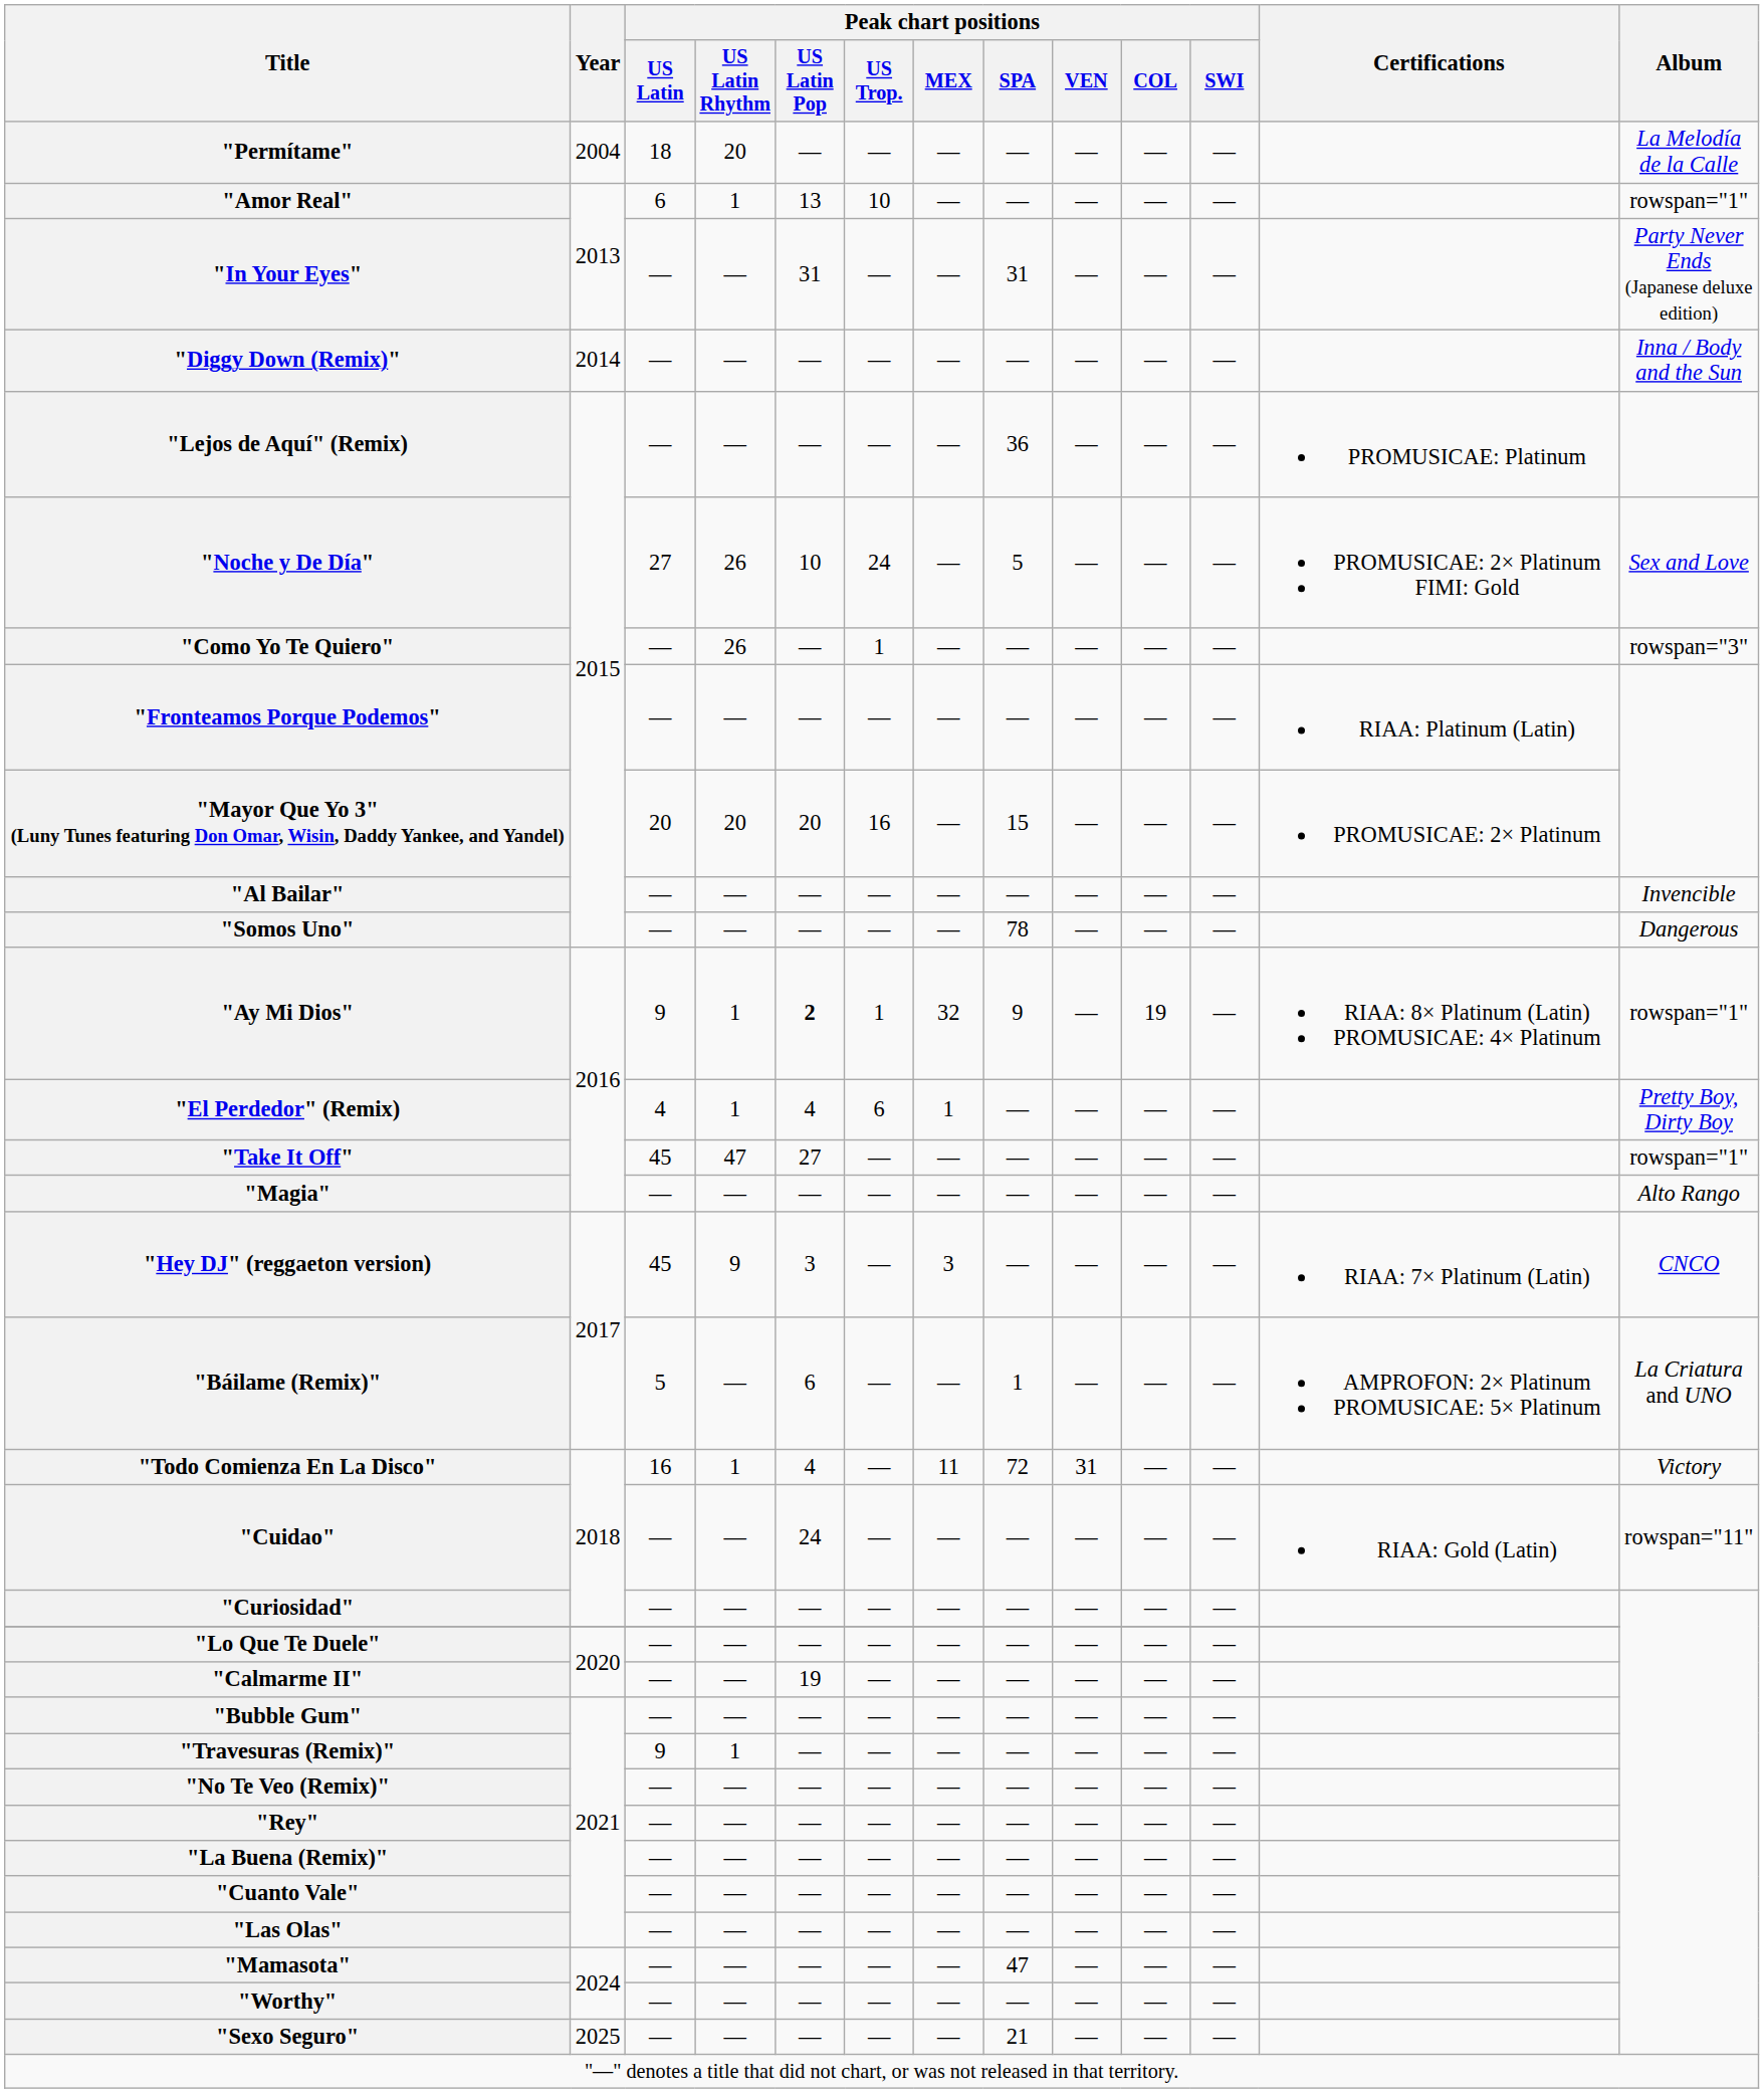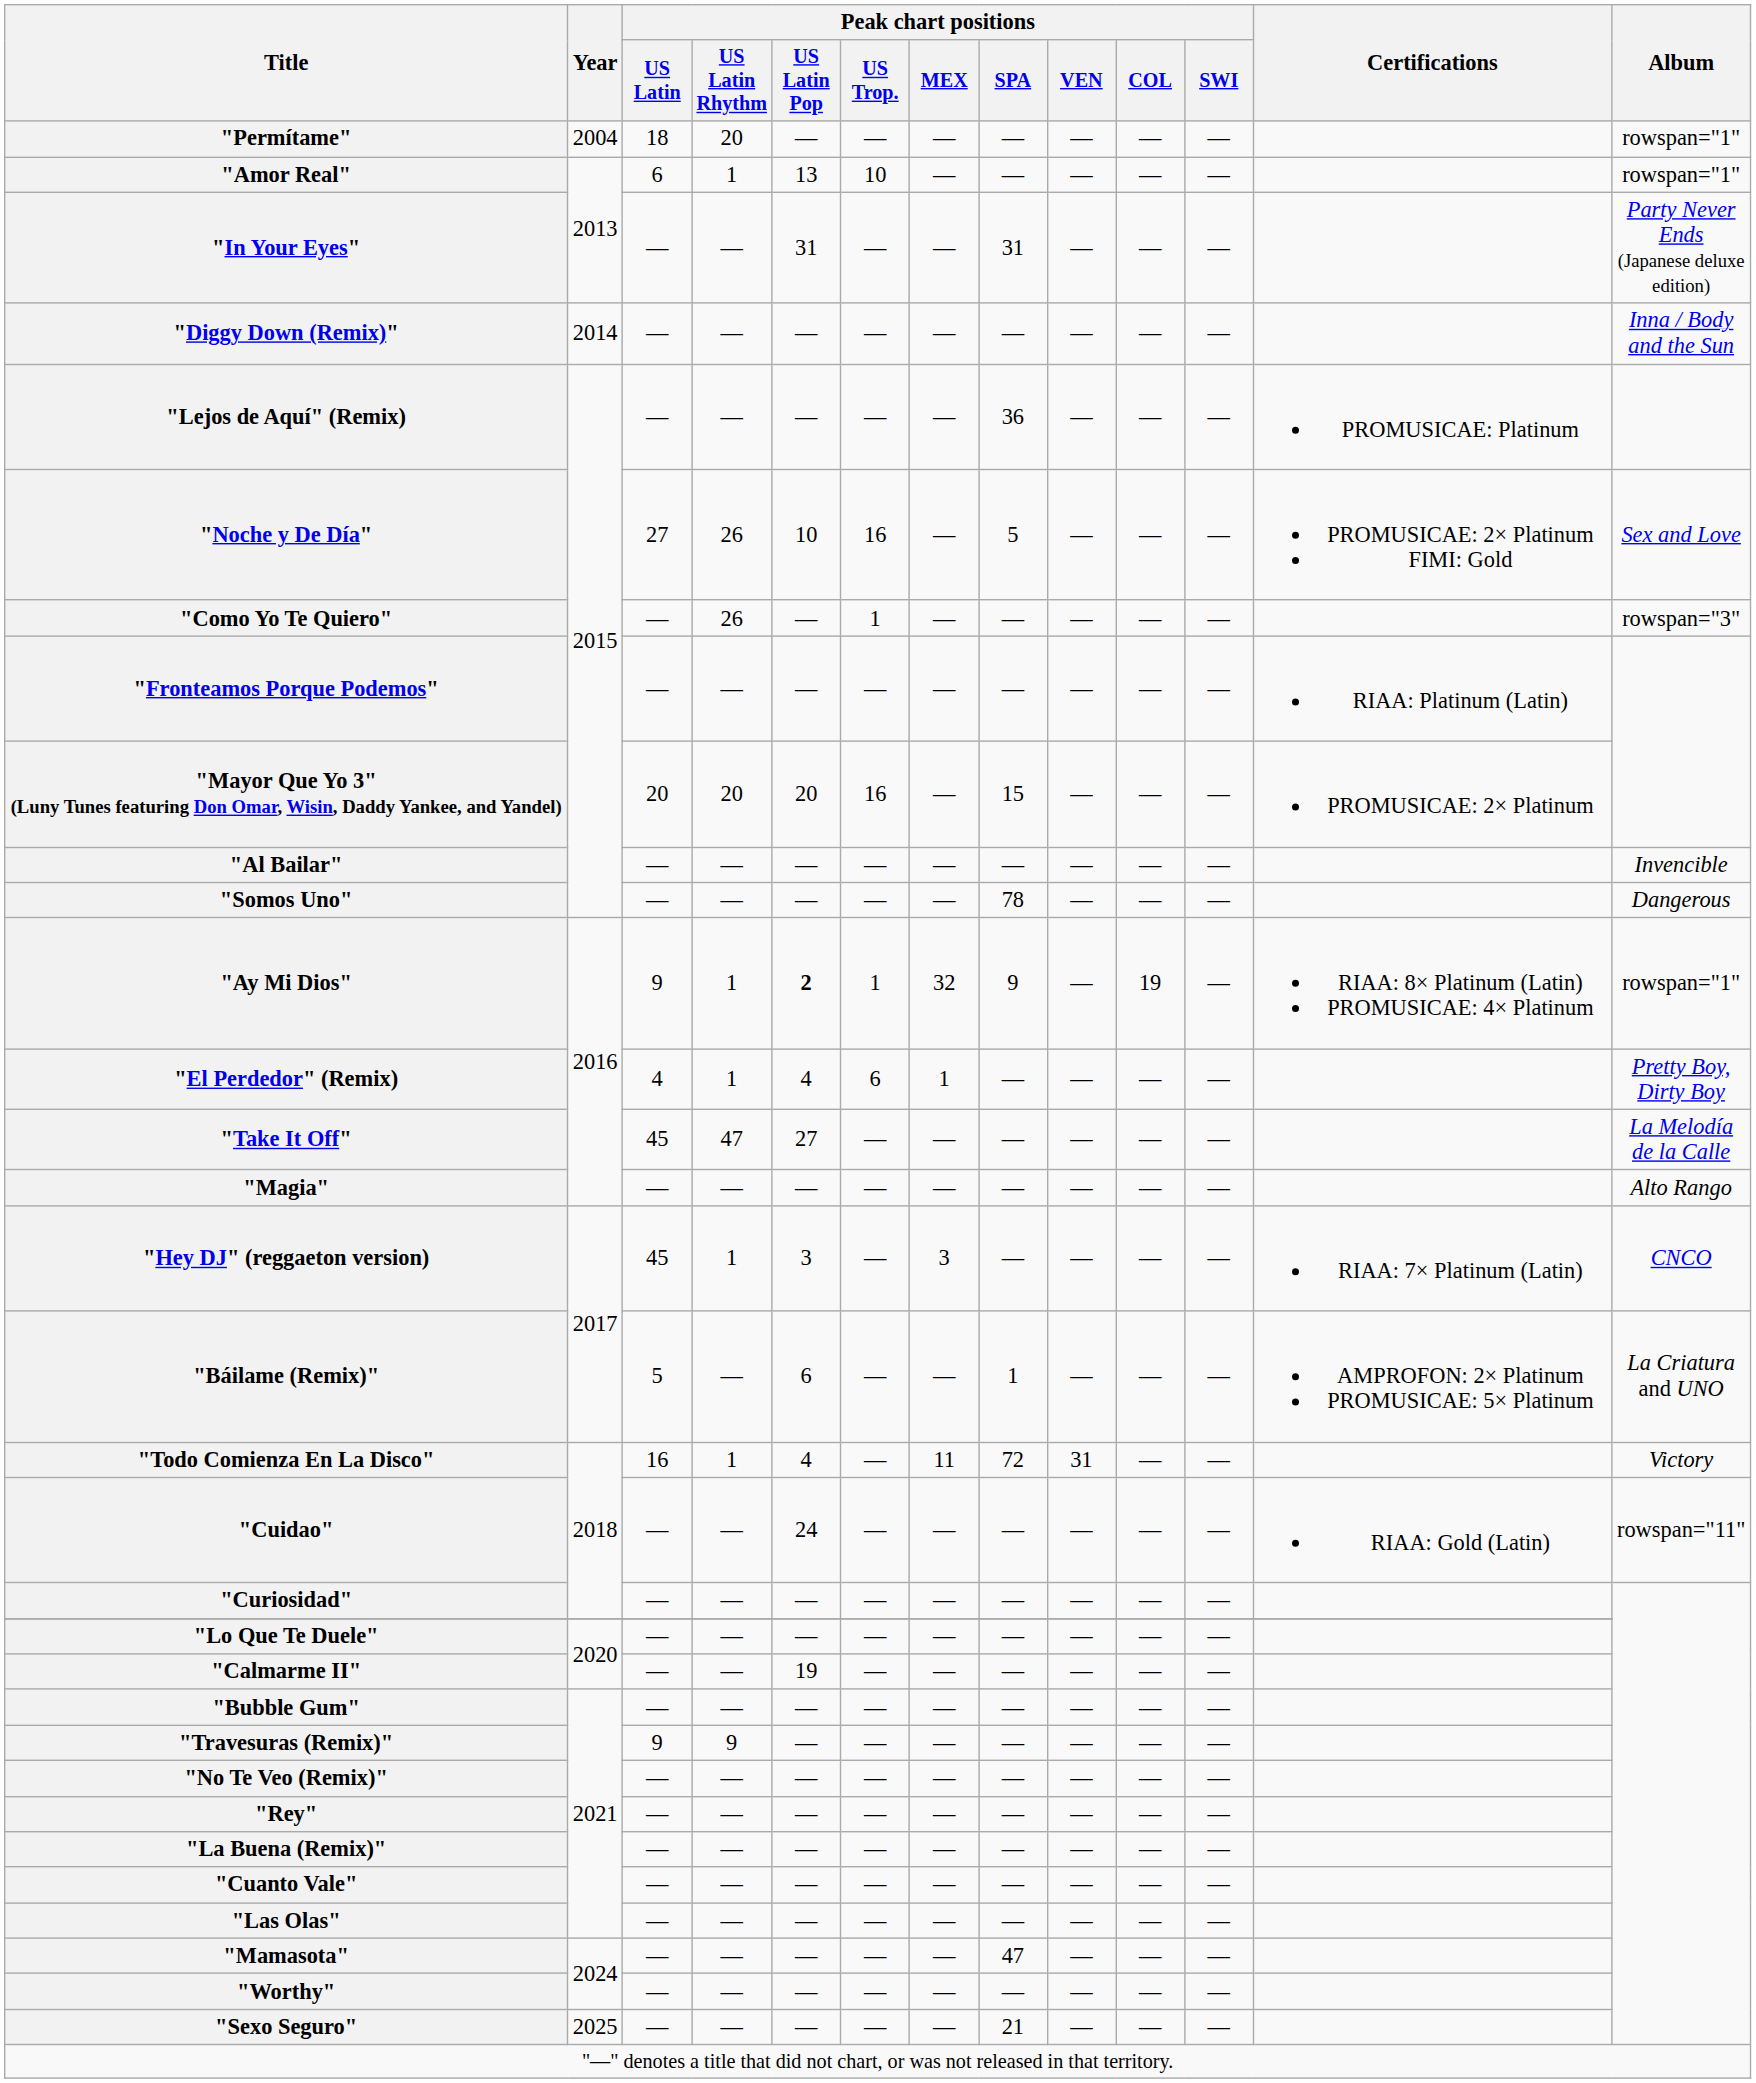 <table class="wikitable plainrowheaders" style="text-align:center;">
 <tr>
 <th rowspan="2" style="width:26em;">Title</th>
 <th rowspan="2" style="width:1em;">Year</th>
 <th colspan="9">Peak chart positions</th>
 <th rowspan="2" style="width:16em;">Certifications</th>
 <th rowspan="2">Album</th>
 </tr>
 <tr>
 <th scope="col" style="width:3em;font-size:90%;"><a href='#'>US<br>Latin</a><br></th>
 <th scope="col" style="width:3em;font-size:90%;"><a href='#'>US <br> Latin <br>Rhythm</a><br></th>
 <th scope="col" style="width:3em;font-size:90%;"><a href='#'>US <br> Latin<br>Pop</a><br></th>
 <th scope="col" style="width:3em;font-size:90%;"><a href='#'>US<br>Trop.</a><br></th>
 <th scope="col" style="width:3em;font-size:90%;"><a href='#'>MEX</a><br></th>
 <th scope="col" style="width:3em;font-size:90%;"><a href='#'>SPA</a><br></th>
 <th scope="col" style="width:3em;font-size:90%;"><a href='#'>VEN</a><br></th>
 <th scope="col" style="width:3em;font-size:90%;"><a href='#'>COL</a><br></th>
 <th scope="col" style="width:3em;font-size:90%;"><a href='#'>SWI</a><br></th>
 </tr>
 <tr>
 <th scope="row">"Permítame"<br></th>
 <td>2004</td>
 <td>18</td>
 <td>20</td>
 <td>—</td>
 <td>—</td>
 <td>—</td>
 <td>—</td>
 <td>—</td>
 <td>—</td>
 <td>—</td>
 <td></td>
-<td><em><a href='#'>La Melodía de la Calle</a></em></td>
+<td>rowspan="1" </td>
 </tr>
 <tr>
 <th scope="row">"Amor Real"<br></th>
 <td rowspan="2">2013</td>
 <td>6</td>
 <td>1</td>
 <td>13</td>
 <td>10</td>
 <td>—</td>
 <td>—</td>
 <td>—</td>
 <td>—</td>
 <td>—</td>
 <td></td>
 <td>rowspan="1" </td>
 </tr>
 <tr>
 <th scope="row">"<a href='#'>In Your Eyes</a>"<br></th>
 <td>—</td>
 <td>—</td>
 <td>31</td>
 <td>—</td>
 <td>—</td>
 <td>31</td>
 <td>—</td>
 <td>—</td>
 <td>—</td>
 <td></td>
 <td><em><a href='#'>Party Never Ends</a></em><br><small>(Japanese deluxe edition)</small></td>
 </tr>
 <tr>
 <th scope="row">"<a href='#'>Diggy Down (Remix)</a>"<br></th>
 <td rowspan="1">2014</td>
 <td>—</td>
 <td>—</td>
 <td>—</td>
 <td>—</td>
 <td>—</td>
 <td>—</td>
 <td>—</td>
 <td>—</td>
 <td>—</td>
 <td></td>
 <td><em><a href='#'>Inna / Body and the Sun</a></em></td>
 </tr>
 <tr>
 <th scope="row">"Lejos de Aquí" (Remix)<br></th>
 <td rowspan="7">2015</td>
 <td>—</td>
 <td>—</td>
 <td>—</td>
 <td>—</td>
 <td>—</td>
 <td>36</td>
 <td>—</td>
 <td>—</td>
 <td>—</td>
 <td><br><ul><li>PROMUSICAE: Platinum</li></ul></td>
 <td></td>
 </tr>
 <tr>
 <th scope="row">"<a href='#'>Noche y De Día</a>"<br></th>
 <td>27</td>
 <td>26</td>
 <td>10</td>
-<td>24</td>
+<td>16</td>
 <td>—</td>
 <td>5</td>
 <td>—</td>
 <td>—</td>
 <td>—</td>
 <td><br><ul><li>PROMUSICAE: 2× Platinum</li><li>FIMI: Gold</li></ul></td>
 <td><em><a href='#'>Sex and Love</a></em></td>
 </tr>
 <tr>
 <th scope="row">"Como Yo Te Quiero"<br></th>
 <td>—</td>
 <td>26</td>
 <td>—</td>
 <td>1</td>
 <td>—</td>
 <td>—</td>
 <td>—</td>
 <td>—</td>
 <td>—</td>
 <td></td>
 <td>rowspan="3" </td>
 </tr>
 <tr>
 <th scope="row">"<a href='#'>Fronteamos Porque Podemos</a>"<br></th>
 <td>—</td>
 <td>—</td>
 <td>—</td>
 <td>—</td>
 <td>—</td>
 <td>—</td>
 <td>—</td>
 <td>—</td>
 <td>—</td>
 <td><br><ul><li>RIAA: Platinum (Latin)</li></ul></td>
 </tr>
 <tr>
 <th scope="row">"Mayor Que Yo 3" <br><small>(Luny Tunes featuring <a href='#'>Don Omar</a>, <a href='#'>Wisin</a>, Daddy Yankee, and Yandel)</small></th>
 <td>20</td>
 <td>20</td>
 <td>20</td>
 <td>16</td>
 <td>—</td>
 <td>15</td>
 <td>—</td>
 <td>—</td>
 <td>—</td>
 <td><br><ul><li>PROMUSICAE: 2× Platinum</li></ul></td>
 </tr>
 <tr>
 <th scope="row">"Al Bailar"<br></th>
 <td>—</td>
 <td>—</td>
 <td>—</td>
 <td>—</td>
 <td>—</td>
 <td>—</td>
 <td>—</td>
 <td>—</td>
 <td>—</td>
 <td></td>
 <td><em>Invencible</em></td>
 </tr>
 <tr>
 <th scope="row">"Somos Uno"</th>
 <td>—</td>
 <td>—</td>
 <td>—</td>
 <td>—</td>
 <td>—</td>
 <td>78</td>
 <td>—</td>
 <td>—</td>
 <td>—</td>
 <td></td>
 <td><em>Dangerous</em></td>
 </tr>
 <tr>
 <th scope="row">"Ay Mi Dios"<br></th>
 <td rowspan="4">2016</td>
 <td>9</td>
 <td>1</td>
 <td><strong>2</strong></td>
 <td>1</td>
 <td>32</td>
 <td>9</td>
 <td>—</td>
 <td>19</td>
 <td>—</td>
 <td><br><ul><li>RIAA: 8× Platinum (Latin)</li><li>PROMUSICAE: 4× Platinum</li></ul></td>
 <td>rowspan="1" </td>
 </tr>
 <tr>
 <th scope="row">"<a href='#'>El Perdedor</a>" (Remix)<br></th>
 <td>4</td>
 <td>1</td>
 <td>4</td>
 <td>6</td>
 <td>1</td>
 <td>—</td>
 <td>—</td>
 <td>—</td>
 <td>—</td>
 <td></td>
 <td><em><a href='#'>Pretty Boy, Dirty Boy</a></em></td>
 </tr>
 <tr>
 <th scope="row">"<a href='#'>Take It Off</a>"<br></th>
 <td>45</td>
 <td>47</td>
 <td>27</td>
 <td>—</td>
 <td>—</td>
 <td>—</td>
 <td>—</td>
 <td>—</td>
 <td>—</td>
 <td></td>
-<td>rowspan="1" </td>
+<td><em><a href='#'>La Melodía de la Calle</a></em></td>
 </tr>
 <tr>
 <th scope="row">"Magia"<br></th>
 <td>—</td>
 <td>—</td>
 <td>—</td>
 <td>—</td>
 <td>—</td>
 <td>—</td>
 <td>—</td>
 <td>—</td>
 <td>—</td>
 <td></td>
 <td><em>Alto Rango</em></td>
 </tr>
 <tr>
 <th scope="row">"<a href='#'>Hey DJ</a>" (reggaeton version)<br></th>
 <td rowspan="2">2017</td>
 <td>45</td>
-<td>9</td>
+<td>1</td>
 <td>3</td>
 <td>—</td>
 <td>3</td>
 <td>—</td>
 <td>—</td>
 <td>—</td>
 <td>—</td>
 <td><br><ul><li>RIAA: 7× Platinum (Latin)</li></ul></td>
 <td><em><a href='#'>CNCO</a></em></td>
 </tr>
 <tr>
 <th scope="row">"Báilame (Remix)"<br></th>
 <td>5</td>
 <td>—</td>
 <td>6</td>
 <td>—</td>
 <td>—</td>
 <td>1</td>
 <td>—</td>
 <td>—</td>
 <td>—</td>
 <td><br><ul><li>AMPROFON: 2× Platinum</li><li>PROMUSICAE: 5× Platinum</li></ul></td>
 <td><em>La Criatura</em> and <em>UNO</em></td>
 </tr>
 <tr>
 <th scope="row">"Todo Comienza En La Disco"<br></th>
 <td rowspan="3">2018</td>
 <td>16</td>
 <td>1</td>
 <td>4</td>
 <td>—</td>
 <td>11</td>
 <td>72</td>
 <td>31</td>
 <td>—</td>
 <td>—</td>
 <td></td>
 <td><em>Victory</em></td>
 </tr>
 <tr>
 <th scope="row">"Cuidao"<br></th>
 <td>—</td>
 <td>—</td>
 <td>24</td>
 <td>—</td>
 <td>—</td>
 <td>—</td>
 <td>—</td>
 <td>—</td>
 <td>—</td>
 <td><br><ul><li>RIAA: Gold (Latin)</li></ul></td>
 <td>rowspan="11" </td>
 </tr>
 <tr>
 <th scope="row">"Curiosidad"<br></th>
 <td>—</td>
 <td>—</td>
 <td>—</td>
 <td>—</td>
 <td>—</td>
 <td>—</td>
 <td>—</td>
 <td>—</td>
 <td>—</td>
 <td></td>
 </tr>
 <tr>
 </tr>
 <tr>
 <th scope="row">"Lo Que Te Duele"<br></th>
 <td rowspan="2">2020</td>
 <td>—</td>
 <td>—</td>
 <td>—</td>
 <td>—</td>
 <td>—</td>
 <td>—</td>
 <td>—</td>
 <td>—</td>
 <td>—</td>
 <td></td>
 </tr>
 <tr>
 <th scope="row">"Calmarme II"<br></th>
 <td>—</td>
 <td>—</td>
 <td>19</td>
 <td>—</td>
 <td>—</td>
 <td>—</td>
 <td>—</td>
 <td>—</td>
 <td>—</td>
 <td></td>
 </tr>
 <tr>
 <th scope="row">"Bubble Gum"<br></th>
 <td rowspan="7">2021</td>
 <td>—</td>
 <td>—</td>
 <td>—</td>
 <td>—</td>
 <td>—</td>
 <td>—</td>
 <td>—</td>
 <td>—</td>
 <td>—</td>
 <td></td>
 </tr>
 <tr>
 <th scope="row">"Travesuras (Remix)"<br></th>
 <td>9</td>
-<td>1</td>
+<td>9</td>
 <td>—</td>
 <td>—</td>
 <td>—</td>
 <td>—</td>
 <td>—</td>
 <td>—</td>
 <td>—</td>
 <td></td>
 </tr>
 <tr>
 <th scope="row">"No Te Veo (Remix)"<br></th>
 <td>—</td>
 <td>—</td>
 <td>—</td>
 <td>—</td>
 <td>—</td>
 <td>—</td>
 <td>—</td>
 <td>—</td>
 <td>—</td>
 <td></td>
 </tr>
 <tr>
 <th scope="row">"Rey"<br></th>
 <td>—</td>
 <td>—</td>
 <td>—</td>
 <td>—</td>
 <td>—</td>
 <td>—</td>
 <td>—</td>
 <td>—</td>
 <td>—</td>
 <td></td>
 </tr>
 <tr>
 <th scope="row">"La Buena (Remix)"<br></th>
 <td>—</td>
 <td>—</td>
 <td>—</td>
 <td>—</td>
 <td>—</td>
 <td>—</td>
 <td>—</td>
 <td>—</td>
 <td>—</td>
 <td></td>
 </tr>
 <tr>
 <th scope="row">"Cuanto Vale"<br></th>
 <td>—</td>
 <td>—</td>
 <td>—</td>
 <td>—</td>
 <td>—</td>
 <td>—</td>
 <td>—</td>
 <td>—</td>
 <td>—</td>
 <td></td>
 </tr>
 <tr>
 <th scope="row">"Las Olas"<br></th>
 <td>—</td>
 <td>—</td>
 <td>—</td>
 <td>—</td>
 <td>—</td>
 <td>—</td>
 <td>—</td>
 <td>—</td>
 <td>—</td>
 <td></td>
 </tr>
 <tr>
 <th scope="row">"Mamasota"<br></th>
 <td rowspan=2>2024</td>
 <td>—</td>
 <td>—</td>
 <td>—</td>
 <td>—</td>
 <td>—</td>
 <td>47</td>
 <td>—</td>
 <td>—</td>
 <td>—</td>
 <td></td>
 </tr>
 <tr>
 <th scope="row">"Worthy" <br></th>
 <td>—</td>
 <td>—</td>
 <td>—</td>
 <td>—</td>
 <td>—</td>
 <td>—</td>
 <td>—</td>
 <td>—</td>
 <td>—</td>
 <td></td>
 </tr>
 <tr>
 <th scope="row">"Sexo Seguro" <br></th>
 <td>2025</td>
 <td>—</td>
 <td>—</td>
 <td>—</td>
 <td>—</td>
 <td>—</td>
 <td>21</td>
 <td>—</td>
 <td>—</td>
 <td>—</td>
 <td></td>
 </tr>
 <tr>
 <td colspan="14" style="font-size:90%">"—" denotes a title that did not chart, or was not released in that territory.</td>
 </tr>
 </table>
